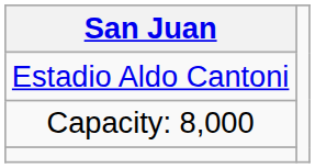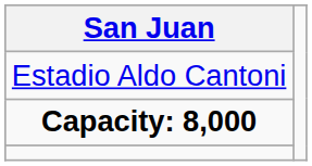 <table class="wikitable" style="text-align:center;margin:1em auto;">
 <tr>
 <th><a href='#'>San Juan</a></th>
 <td rowspan=4></td>
 </tr>
 <tr>
 <td><a href='#'>Estadio Aldo Cantoni</a></td>
 </tr>
 <tr>
-<td>Capacity: 8,000</td>
+<td><strong>Capacity: 8,000</strong></td>
 </tr>
 <tr>
 <td></td>
 </tr>
 </table>
